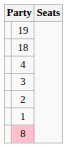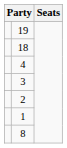 <table class="wikitable" style="font-size: 95%;">
 <tr>
 <th colspan=2>Party</th>
 <th>Seats</th>
 </tr>
 <tr>
 <td></td>
 <td align="center">19</td>
 </tr>
 <tr>
 <td></td>
 <td align="center">18</td>
 </tr>
 <tr>
 <td></td>
 <td align="center">4</td>
 </tr>
 <tr>
 <td></td>
 <td align="center">3</td>
 </tr>
 <tr>
 <td></td>
 <td align="center">2</td>
 </tr>
 <tr>
 <td></td>
 <td align="center">1</td>
 </tr>
 <tr>
 <td></td>
-<td align="center" style="background: pink;">8</td>
+<td align="center">8</td>
 </tr>
 </table>
